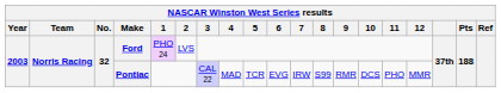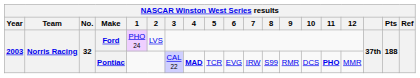 <table class="wikitable" style="text-align:center; font-size:75%">
 <tr>
 <th colspan=23><a href='#'>NASCAR Winston West Series</a> results</th>
 </tr>
 <tr>
 <th>Year</th>
 <th>Team</th>
 <th>No.</th>
 <th>Make</th>
 <th>1</th>
 <th>2</th>
 <th>3</th>
 <th>4</th>
 <th>5</th>
 <th>6</th>
 <th>7</th>
 <th>8</th>
 <th>9</th>
 <th>10</th>
 <th>11</th>
 <th>12</th>
 <th></th>
 <th>Pts</th>
 <th>Ref</th>
 </tr>
 <tr>
 <th rowspan=2><a href='#'>2003</a></th>
 <th rowspan=2><a href='#'>Norris Racing</a></th>
 <th rowspan=2>32</th>
 <th><a href='#'>Ford</a></th>
 <td style="background:#EFCFFF;"><a href='#'>PHO</a><br><small>24</small></td>
 <td><a href='#'>LVS</a></td>
 <td colspan=10></td>
 <th rowspan=2>37th</th>
 <th rowspan=2>188</th>
 <th rowspan=2></th>
 </tr>
 <tr>
 <th><a href='#'>Pontiac</a></th>
 <td colspan=2></td>
 <td style="background:#CFCFFF;"><a href='#'>CAL</a><br><small>22</small></td>
-<td><a href='#'>MAD</a></td>
+<td><strong><a href='#'>MAD</a></strong></td>
 <td><a href='#'>TCR</a></td>
 <td><a href='#'>EVG</a></td>
 <td><a href='#'>IRW</a></td>
 <td><a href='#'>S99</a></td>
 <td><a href='#'>RMR</a></td>
 <td><a href='#'>DCS</a></td>
-<td><a href='#'>PHO</a></td>
+<td><strong><a href='#'>PHO</a></strong></td>
 <td><a href='#'>MMR</a></td>
 </tr>
 </table>
